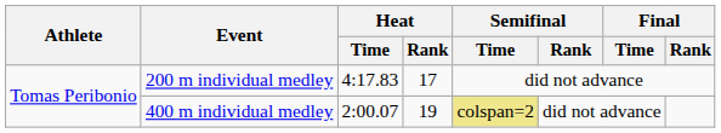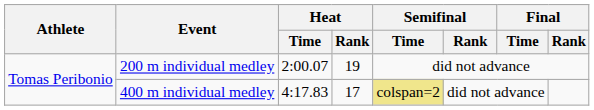 <table class=wikitable style="font-size:90%">
 <tr>
 <th rowspan="2">Athlete</th>
 <th rowspan="2">Event</th>
 <th colspan="2">Heat</th>
 <th colspan="2">Semifinal</th>
 <th colspan="2">Final</th>
 </tr>
 <tr style="font-size:95%">
 <th>Time</th>
 <th>Rank</th>
 <th>Time</th>
 <th>Rank</th>
 <th>Time</th>
 <th>Rank</th>
 </tr>
 <tr align=center>
 <td align=left rowspan=2><a href='#'>Tomas Peribonio</a></td>
 <td align=left><a href='#'>200 m individual medley</a></td>
-<td>4:17.83</td>
-<td>17</td>
+<td>2:00.07</td>
+<td>19</td>
 <td colspan=4>did not advance</td>
 </tr>
 <tr align=center>
 <td align=left><a href='#'>400 m individual medley</a></td>
-<td>2:00.07</td>
-<td>19</td>
+<td>4:17.83</td>
+<td>17</td>
 <td style="background: khaki;">colspan=2</td>
 <td colspan=2>did not advance</td>
 </tr>
 </table>
